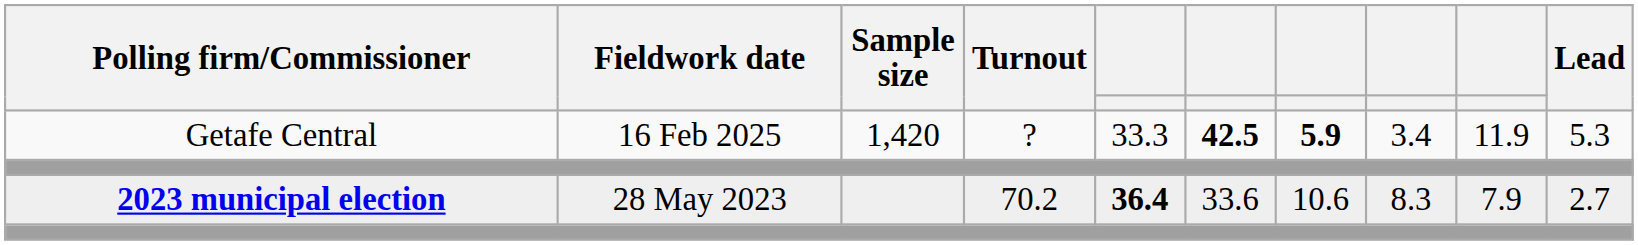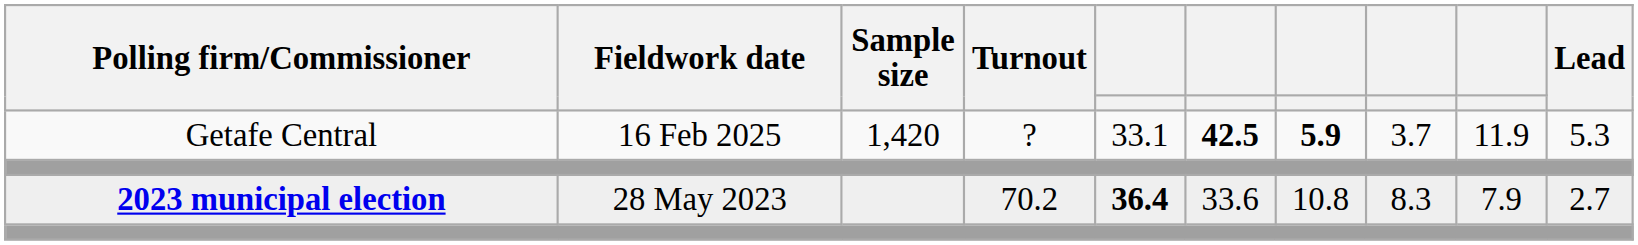 <table class="wikitable collapsible collapsed" style="text-align:center; font-size:95%; line-height:16px;">
 <tr style="height:42px;">
 <th style="width:250px;" rowspan="2">Polling firm/Commissioner</th>
 <th style="width:125px;" rowspan="2">Fieldwork date</th>
 <th style="width:50px;" rowspan="2">Sample size</th>
 <th style="width:45px;" rowspan="2">Turnout</th>
 <th style="width:35px;"></th>
 <th style="width:35px;"></th>
 <th style="width:35px;"></th>
 <th style="width:35px;"></th>
 <th style="width:35px;"></th>
 <th style="width:30px;" rowspan="2">Lead</th>
 </tr>
 <tr>
 <th style="color:inherit;background:"></th>
 <th style="color:inherit;background:"></th>
 <th style="color:inherit;background:"></th>
 <th style="color:inherit;background:"></th>
 <th style="color:inherit;background:"></th>
 </tr>
 <tr>
 <td>Getafe Central</td>
 <td>16 Feb 2025</td>
 <td>1,420</td>
 <td>?</td>
-<td>33.3<br></td>
+<td>33.1<br></td>
 <td><strong>42.5</strong><br></td>
 <td><strong>5.9<br></strong></td>
-<td>3.4<br></td>
+<td>3.7<br></td>
 <td>11.9<br></td>
 <td style="background:">5.3</td>
 </tr>
 <tr>
 <td colspan="10" style="background:#A0A0A0"></td>
 </tr>
 <tr style="background:#EFEFEF;">
 <td><strong><a href='#'>2023 municipal election</a></strong></td>
 <td>28 May 2023</td>
 <td></td>
 <td>70.2</td>
 <td><strong>36.4</strong><br></td>
 <td>33.6<br></td>
-<td>10.6<br></td>
+<td>10.8<br></td>
 <td>8.3<br></td>
 <td>7.9<br></td>
 <td style="background:">2.7</td>
 </tr>
 <tr>
 <td colspan="10" style="background:#A0A0A0"></td>
 </tr>
 </table>
